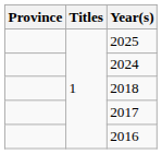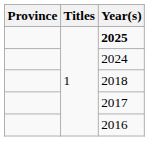 <table class="wikitable" style="font-size:90%">
 <tr>
 <th>Province</th>
 <th>Titles</th>
 <th>Year(s)</th>
 </tr>
 <tr>
 <td></td>
 <td rowspan="5">1</td>
-<td>2025</td>
+<td><strong>2025</strong></td>
 </tr>
 <tr>
 <td></td>
 <td>2024</td>
 </tr>
 <tr>
 <td></td>
 <td>2018</td>
 </tr>
 <tr>
 <td></td>
 <td>2017</td>
 </tr>
 <tr>
 <td></td>
 <td>2016</td>
 </tr>
 </table>
